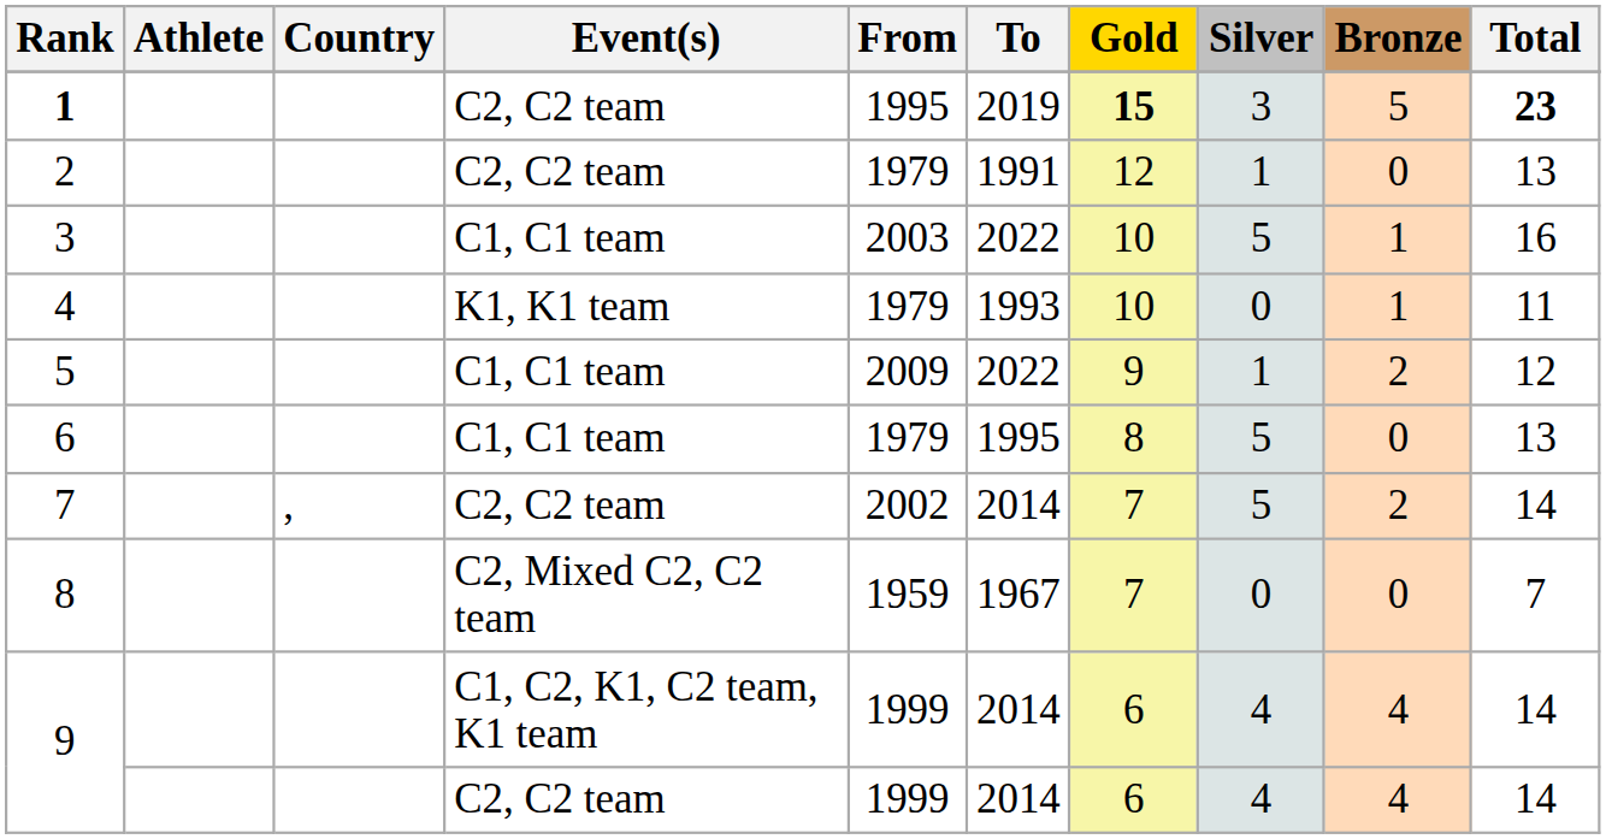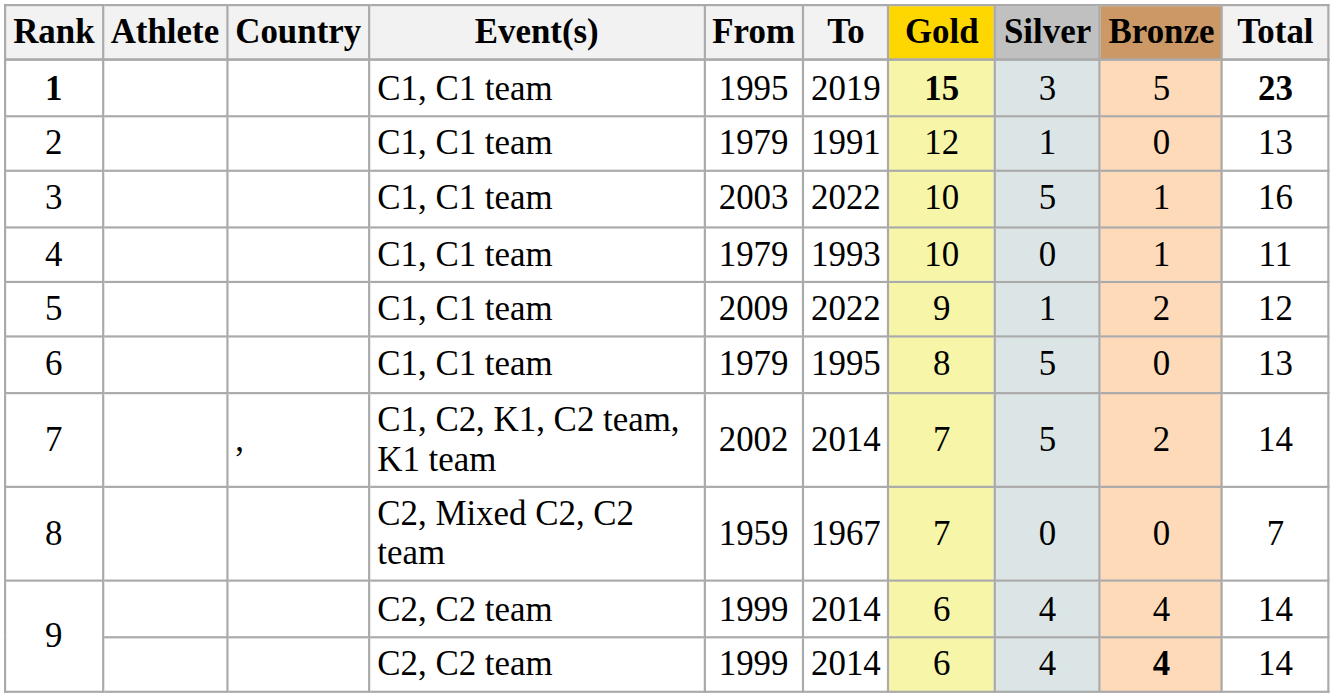 <table class="wikitable plainrowheaders" style="text-align:center;">
 <tr style="background-color:#EDEDED;">
 <th class="hintergrundfarbe5" style="width:1em">Rank</th>
 <th class="hintergrundfarbe5">Athlete</th>
 <th class="hintergrundfarbe5">Country</th>
 <th class="hintergrundfarbe5">Event(s)</th>
 <th class="hintergrundfarbe5">From</th>
 <th class="hintergrundfarbe5">To</th>
 <th style="background:    gold; width:8%">Gold</th>
 <th style="background:  silver; width:8%">Silver</th>
 <th style="background: #CC9966; width:8%">Bronze</th>
 <th class="hintergrundfarbe5" style="width:8%">Total</th>
 </tr>
 <tr>
 </tr>
 <tr align="center" bgcolor="#FFFFFF">
 <td valign="center"><strong>1</strong></td>
 <td align="left"></td>
 <td align="left"></td>
-<td align="left">C2, C2 team</td>
+<td align="left">C1, C1 team</td>
 <td align="center">1995</td>
 <td align="center">2019</td>
 <td style="background:#F7F6A8;"><strong>15</strong></td>
 <td style="background:#DCE5E5;">3</td>
 <td style="background:#FFDAB9;">5</td>
 <td><strong>23</strong></td>
 </tr>
 <tr align="center" bgcolor="#FFFFFF">
 <td valign="center">2</td>
 <td align="left"></td>
 <td align="left"></td>
-<td align="left">C2, C2 team</td>
+<td align="left">C1, C1 team</td>
 <td align="center">1979</td>
 <td align="center">1991</td>
 <td style="background:#F7F6A8;">12</td>
 <td style="background:#DCE5E5;">1</td>
 <td style="background:#FFDAB9;">0</td>
 <td>13</td>
 </tr>
 <tr align="center" bgcolor="#FFFFFF">
 <td valign="center">3</td>
 <td align="left"></td>
 <td align="left"></td>
 <td align="left">C1, C1 team</td>
 <td align="center">2003</td>
 <td align="center">2022</td>
 <td style="background:#F7F6A8;">10</td>
 <td style="background:#DCE5E5;">5</td>
 <td style="background:#FFDAB9;">1</td>
 <td>16</td>
 </tr>
 <tr align="center" bgcolor="#FFFFFF">
 <td valign="center">4</td>
 <td align="left"></td>
 <td align="left"></td>
-<td align="left">K1, K1 team</td>
+<td align="left">C1, C1 team</td>
 <td align="center">1979</td>
 <td align="center">1993</td>
 <td style="background:#F7F6A8;">10</td>
 <td style="background:#DCE5E5;">0</td>
 <td style="background:#FFDAB9;">1</td>
 <td>11</td>
 </tr>
 <tr align="center" bgcolor="#FFFFFF">
 <td valign="center">5</td>
 <td align="left"></td>
 <td align="left"></td>
 <td align="left">C1, C1 team</td>
 <td align="center">2009</td>
 <td align="center">2022</td>
 <td style="background:#F7F6A8;">9</td>
 <td style="background:#DCE5E5;">1</td>
 <td style="background:#FFDAB9;">2</td>
 <td>12</td>
 </tr>
 <tr align="center" bgcolor="#FFFFFF">
 <td valign="center">6</td>
 <td align="left"></td>
 <td align="left"></td>
 <td align="left">C1, C1 team</td>
 <td align="center">1979</td>
 <td align="center">1995</td>
 <td style="background:#F7F6A8;">8</td>
 <td style="background:#DCE5E5;">5</td>
 <td style="background:#FFDAB9;">0</td>
 <td>13</td>
 </tr>
 <tr align="center" bgcolor="#FFFFFF">
 <td valign="center">7</td>
 <td align="left"></td>
 <td align="left">, </td>
-<td align="left">C2, C2 team</td>
+<td align="left">C1, C2, K1, C2 team, K1 team</td>
 <td align="center">2002</td>
 <td align="center">2014</td>
 <td style="background:#F7F6A8;">7</td>
 <td style="background:#DCE5E5;">5</td>
 <td style="background:#FFDAB9;">2</td>
 <td>14</td>
 </tr>
 <tr align="center" bgcolor="#FFFFFF">
 <td valign="center">8</td>
 <td align="left"></td>
 <td align="left"></td>
 <td align="left">C2, Mixed C2, C2 team</td>
 <td align="center">1959</td>
 <td align="center">1967</td>
 <td style="background:#F7F6A8;">7</td>
 <td style="background:#DCE5E5;">0</td>
 <td style="background:#FFDAB9;">0</td>
 <td>7</td>
 </tr>
 <tr align="center" bgcolor="#FFFFFF">
 <td rowspan="2" valign="center">9</td>
 <td align="left"></td>
 <td align="left"></td>
-<td align="left">C1, C2, K1, C2 team, K1 team</td>
+<td align="left">C2, C2 team</td>
 <td align="center">1999</td>
 <td align="center">2014</td>
 <td style="background:#F7F6A8;">6</td>
 <td style="background:#DCE5E5;">4</td>
 <td style="background:#FFDAB9;">4</td>
 <td>14</td>
 </tr>
 <tr align="center" bgcolor="#FFFFFF">
 <td align="left"></td>
 <td align="left"></td>
 <td align="left">C2, C2 team</td>
 <td align="center">1999</td>
 <td align="center">2014</td>
 <td style="background:#F7F6A8;">6</td>
 <td style="background:#DCE5E5;">4</td>
-<td style="background:#FFDAB9;">4</td>
+<td style="background:#FFDAB9;"><strong>4</strong></td>
 <td>14</td>
 </tr>
 </table>
